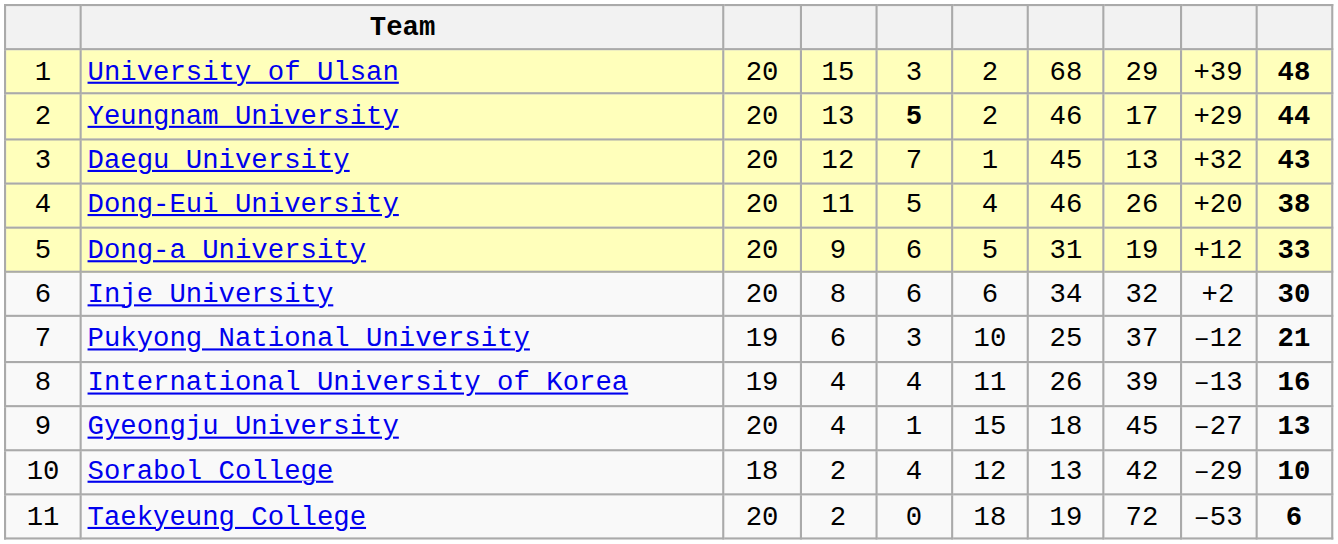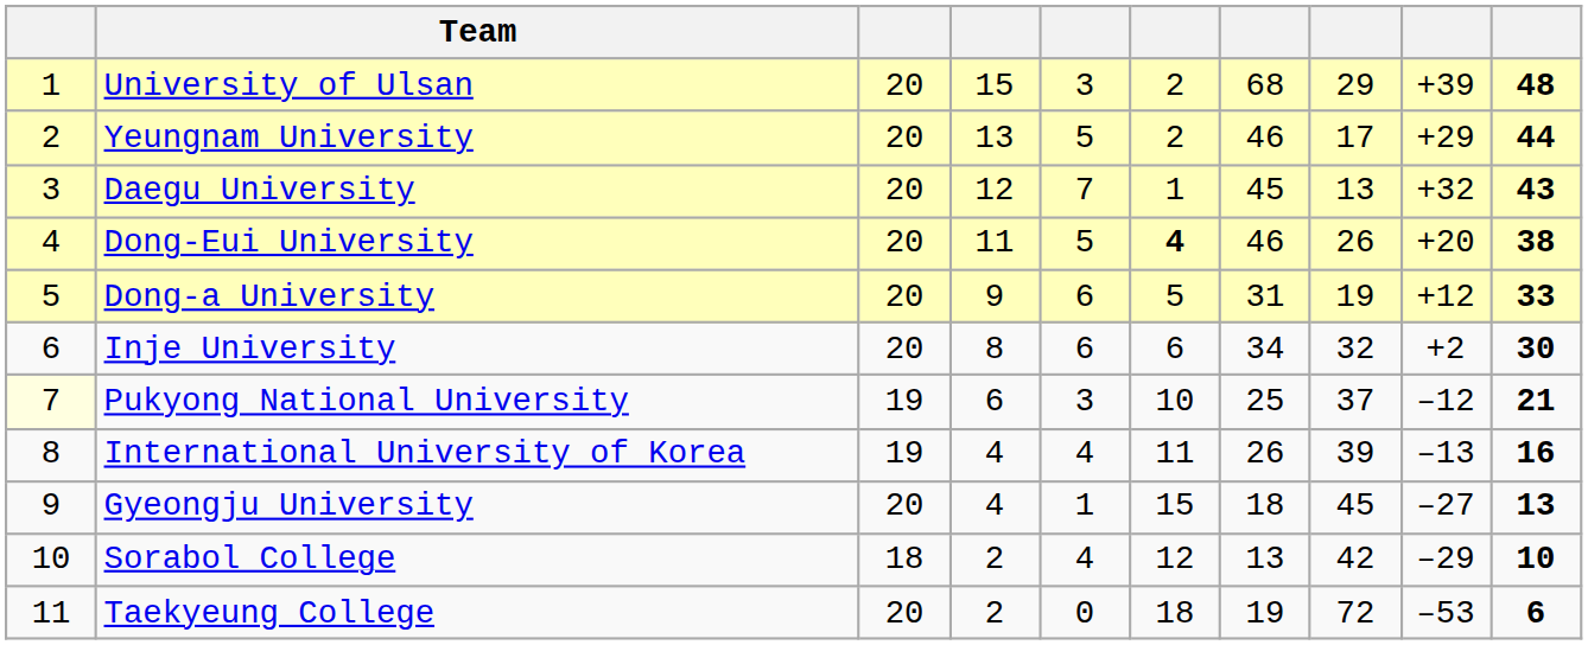 <table class="wikitable" style="text-align:center;">
 <tr>
 <th width=30></th>
 <th width=300>Team</th>
 <th width=30></th>
 <th width=30></th>
 <th width=30></th>
 <th width=30></th>
 <th width=30></th>
 <th width=30></th>
 <th width=30></th>
 <th width=30></th>
 </tr>
 <tr bgcolor=#ffffbb>
 <td>1</td>
 <td align=left><a href='#'>University of Ulsan</a></td>
 <td>20</td>
 <td>15</td>
 <td>3</td>
 <td>2</td>
 <td>68</td>
 <td>29</td>
 <td>+39</td>
 <td><strong>48</strong></td>
 </tr>
 <tr bgcolor=#ffffbb>
 <td>2</td>
 <td align=left><a href='#'>Yeungnam University</a></td>
 <td>20</td>
 <td>13</td>
-<td><strong>5</strong></td>
+<td>5</td>
 <td>2</td>
 <td>46</td>
 <td>17</td>
 <td>+29</td>
 <td><strong>44</strong></td>
 </tr>
 <tr bgcolor=#ffffbb>
 <td>3</td>
 <td align=left><a href='#'>Daegu University</a></td>
 <td>20</td>
 <td>12</td>
 <td>7</td>
 <td>1</td>
 <td>45</td>
 <td>13</td>
 <td>+32</td>
 <td><strong>43</strong></td>
 </tr>
 <tr bgcolor=#ffffbb>
 <td>4</td>
 <td align=left><a href='#'>Dong-Eui University</a></td>
 <td>20</td>
 <td>11</td>
 <td>5</td>
-<td>4</td>
+<td><strong>4</strong></td>
 <td>46</td>
 <td>26</td>
 <td>+20</td>
 <td><strong>38</strong></td>
 </tr>
 <tr bgcolor=#ffffbb>
 <td>5</td>
 <td align=left><a href='#'>Dong-a University</a></td>
 <td>20</td>
 <td>9</td>
 <td>6</td>
 <td>5</td>
 <td>31</td>
 <td>19</td>
 <td>+12</td>
 <td><strong>33</strong></td>
 </tr>
 <tr>
 <td>6</td>
 <td align=left><a href='#'>Inje University</a></td>
 <td>20</td>
 <td>8</td>
 <td>6</td>
 <td>6</td>
 <td>34</td>
 <td>32</td>
 <td>+2</td>
 <td><strong>30</strong></td>
 </tr>
 <tr>
-<td>7</td>
+<td style="background: lightyellow;">7</td>
 <td align=left><a href='#'>Pukyong National University</a></td>
 <td>19</td>
 <td>6</td>
 <td>3</td>
 <td>10</td>
 <td>25</td>
 <td>37</td>
 <td>–12</td>
 <td><strong>21</strong></td>
 </tr>
 <tr>
 <td>8</td>
 <td align=left><a href='#'>International University of Korea</a></td>
 <td>19</td>
 <td>4</td>
 <td>4</td>
 <td>11</td>
 <td>26</td>
 <td>39</td>
 <td>–13</td>
 <td><strong>16</strong></td>
 </tr>
 <tr>
 <td>9</td>
 <td align=left><a href='#'>Gyeongju University</a></td>
 <td>20</td>
 <td>4</td>
 <td>1</td>
 <td>15</td>
 <td>18</td>
 <td>45</td>
 <td>–27</td>
 <td><strong>13</strong></td>
 </tr>
 <tr>
 <td>10</td>
 <td align=left><a href='#'>Sorabol College</a></td>
 <td>18</td>
 <td>2</td>
 <td>4</td>
 <td>12</td>
 <td>13</td>
 <td>42</td>
 <td>–29</td>
 <td><strong>10</strong></td>
 </tr>
 <tr>
 <td>11</td>
 <td align=left><a href='#'>Taekyeung College</a></td>
 <td>20</td>
 <td>2</td>
 <td>0</td>
 <td>18</td>
 <td>19</td>
 <td>72</td>
 <td>–53</td>
 <td><strong>6</strong></td>
 </tr>
 </table>
